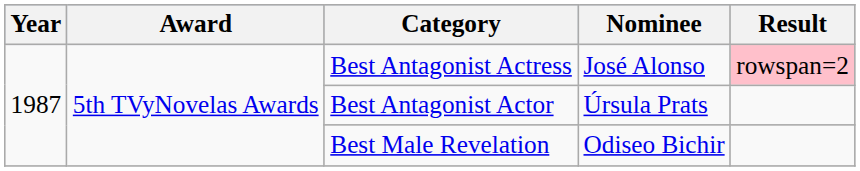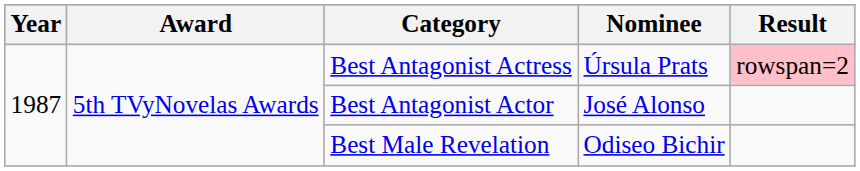 <table class="wikitable">
 <tr style="background:#b0c4de;">
 <th>Year</th>
 <th>Award</th>
 <th>Category</th>
 <th>Nominee</th>
 <th>Result</th>
 </tr>
 <tr>
 <td rowspan=3>1987</td>
 <td rowspan=3><a href='#'>5th TVyNovelas Awards</a></td>
 <td><a href='#'>Best Antagonist Actress</a></td>
-<td><a href='#'>José Alonso</a></td>
+<td><a href='#'>Úrsula Prats</a></td>
 <td style="background: pink;">rowspan=2 </td>
 </tr>
 <tr>
 <td><a href='#'>Best Antagonist Actor</a></td>
-<td><a href='#'>Úrsula Prats</a></td>
+<td><a href='#'>José Alonso</a></td>
 </tr>
 <tr>
 <td><a href='#'>Best Male Revelation</a></td>
 <td><a href='#'>Odiseo Bichir</a></td>
 <td></td>
 </tr>
 </table>
